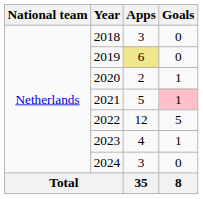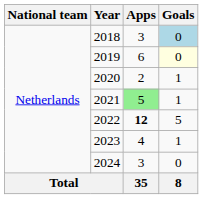 <table class="wikitable" style="text-align:center">
 <tr>
 <th>National team</th>
 <th>Year</th>
 <th>Apps</th>
 <th>Goals</th>
 </tr>
 <tr>
 <td rowspan="7"><a href='#'>Netherlands</a></td>
 <td>2018</td>
 <td>3</td>
-<td>0</td>
+<td style="background: lightblue;">0</td>
 </tr>
 <tr>
 <td>2019</td>
-<td style="background: khaki;">6</td>
-<td>0</td>
+<td>6</td>
+<td style="background: lightyellow;">0</td>
 </tr>
 <tr>
 <td>2020</td>
 <td>2</td>
 <td>1</td>
 </tr>
 <tr>
 <td>2021</td>
-<td>5</td>
-<td style="background: pink;">1</td>
+<td style="background: lightgreen;">5</td>
+<td>1</td>
 </tr>
 <tr>
 <td>2022</td>
-<td>12</td>
+<td><strong>12</strong></td>
 <td>5</td>
 </tr>
 <tr>
 <td>2023</td>
 <td>4</td>
 <td>1</td>
 </tr>
 <tr>
 <td>2024</td>
 <td>3</td>
 <td>0</td>
 </tr>
 <tr>
 <th colspan="2">Total</th>
 <th>35</th>
 <th>8</th>
 </tr>
 </table>
